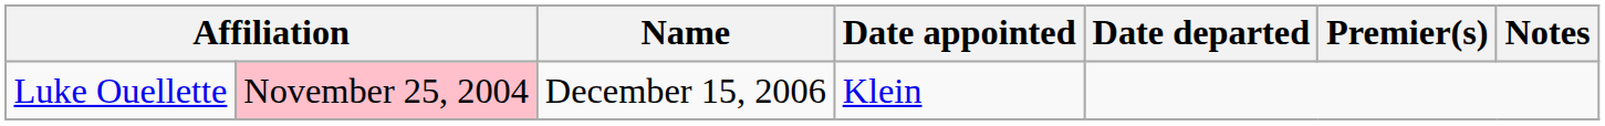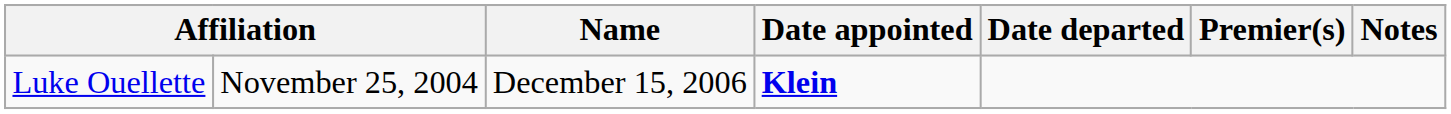 <table class="wikitable">
 <tr>
 <th colspan="2">Affiliation</th>
 <th>Name</th>
 <th>Date appointed</th>
 <th>Date departed</th>
 <th>Premier(s)</th>
 <th>Notes</th>
 </tr>
 <tr>
 <td><a href='#'>Luke Ouellette</a></td>
-<td style="background: pink;">November 25, 2004</td>
+<td>November 25, 2004</td>
 <td>December 15, 2006</td>
-<td><a href='#'>Klein</a></td>
+<td><strong><a href='#'>Klein</a></strong></td>
 </tr>
 </table>
